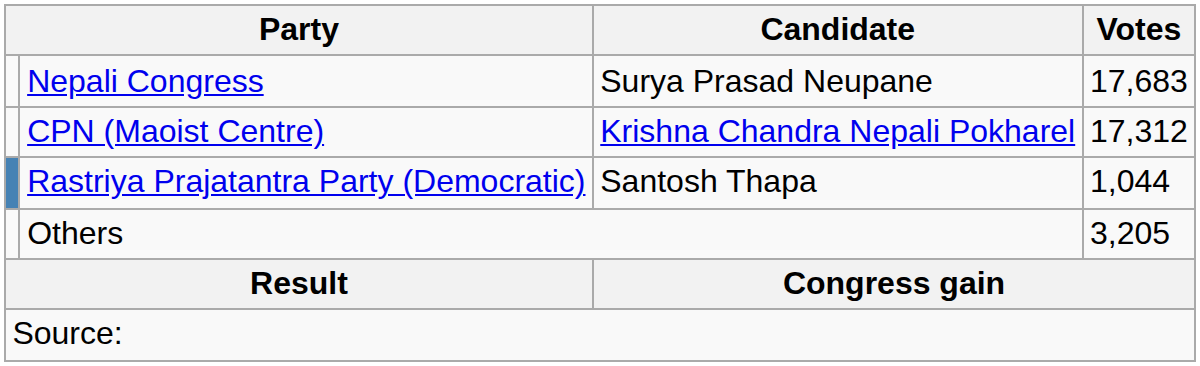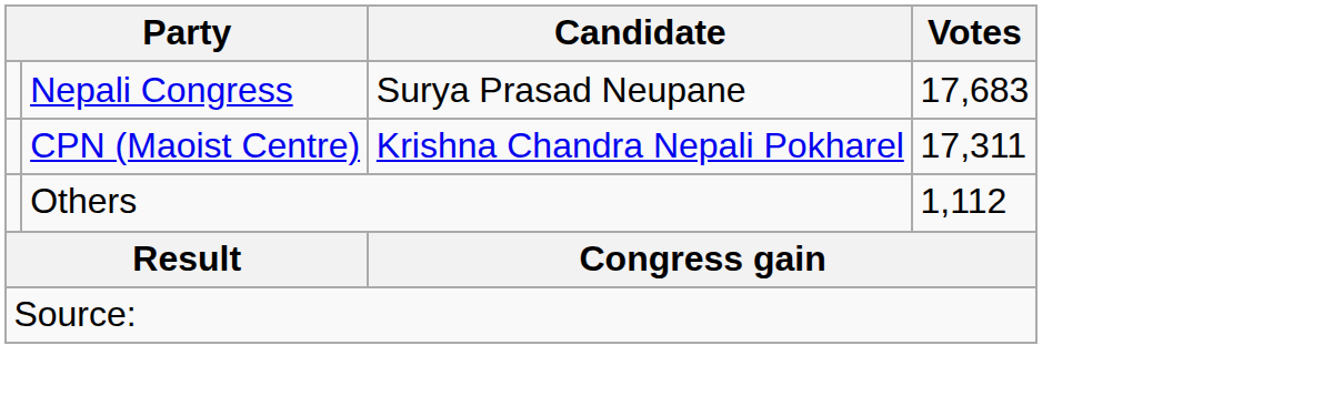 <table class="wikitable">
 <tr>
 <th colspan="2">Party</th>
 <th>Candidate</th>
 <th>Votes</th>
 </tr>
 <tr>
 <td style="background-color:"></td>
 <td><a href='#'>Nepali Congress</a></td>
 <td>Surya Prasad Neupane</td>
 <td>17,683</td>
 </tr>
 <tr>
 <td style="background-color:"></td>
 <td><a href='#'>CPN (Maoist Centre)</a></td>
 <td><a href='#'>Krishna Chandra Nepali Pokharel</a></td>
-<td>17,312</td>
-</tr>
-<tr>
-<td style="background-color:#4682B4"></td>
-<td><a href='#'>Rastriya Prajatantra Party (Democratic)</a></td>
-<td>Santosh Thapa</td>
-<td>1,044</td>
+<td>17,311</td>
 </tr>
 <tr>
 <td></td>
 <td colspan="2">Others</td>
-<td>3,205</td>
+<td>1,112</td>
 </tr>
 <tr>
 <th colspan="2">Result</th>
 <th colspan="2">Congress gain</th>
 </tr>
 <tr>
 <td colspan="4">Source: </td>
 </tr>
 </table>
